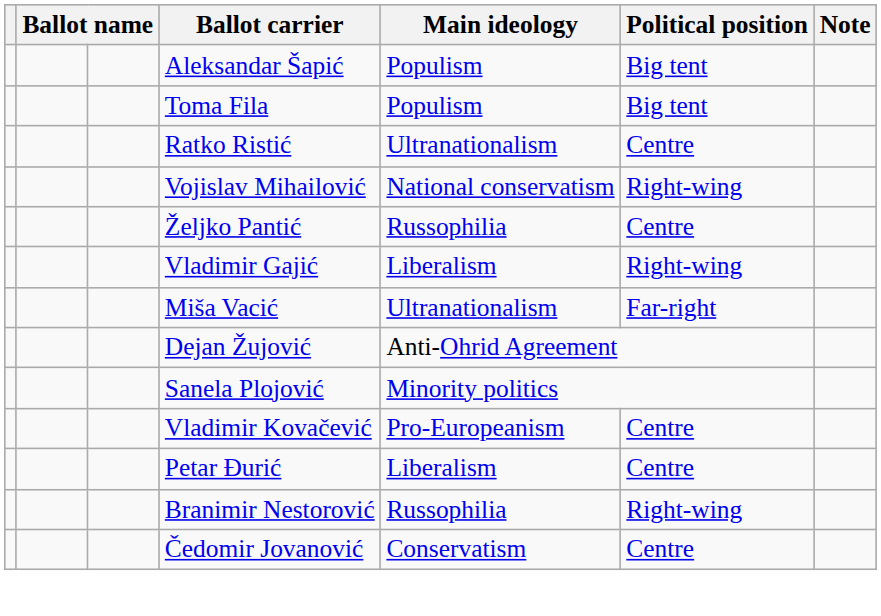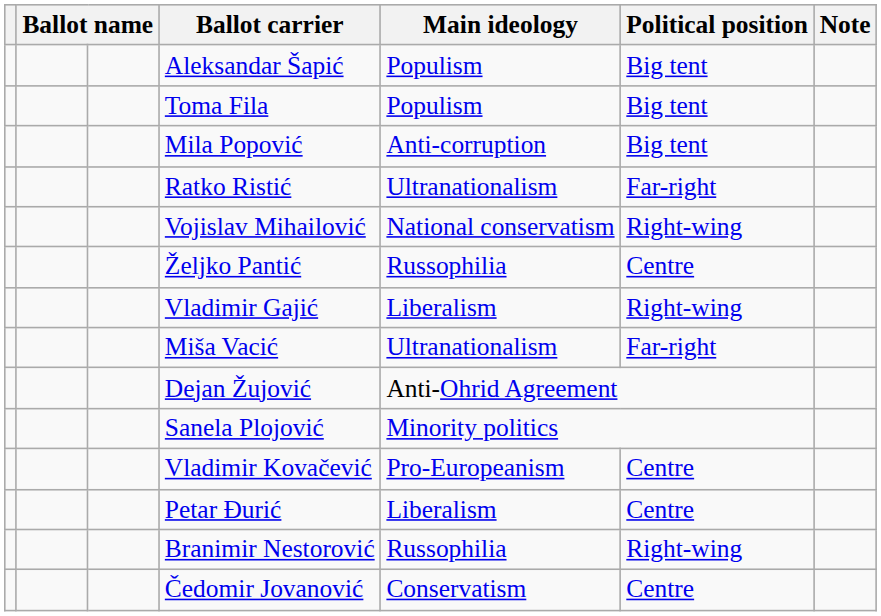 <table class="wikitable">
 <tr>
 <th></th>
 <th colspan="2">Ballot name</th>
 <th>Ballot carrier</th>
 <th>Main ideology</th>
 <th>Political position</th>
 <th>Note</th>
 </tr>
 <tr>
 <td></td>
 <td style="background:"></td>
 <td></td>
 <td><a href='#'>Aleksandar Šapić</a></td>
 <td><a href='#'>Populism</a></td>
 <td><a href='#'>Big tent</a></td>
 <td></td>
 </tr>
 <tr>
 <td></td>
 <td style="background:"></td>
 <td></td>
 <td><a href='#'>Toma Fila</a></td>
 <td><a href='#'>Populism</a></td>
 <td><a href='#'>Big tent</a></td>
 <td></td>
 </tr>
 <tr>
 <td></td>
 <td style="background:"></td>
 <td></td>
+<td><a href='#'>Mila Popović</a></td>
+<td><a href='#'>Anti-corruption</a></td>
+<td><a href='#'>Big tent</a></td>
+<td></td>
+</tr>
+<tr>
+<td></td>
+<td style="background:"></td>
+<td></td>
 <td><a href='#'>Ratko Ristić</a></td>
 <td><a href='#'>Ultranationalism</a></td>
-<td><a href='#'>Centre</a></td>
+<td><a href='#'>Far-right</a></td>
 <td></td>
 </tr>
 <tr>
 <td></td>
 <td style="background:"></td>
 <td></td>
 <td><a href='#'>Vojislav Mihailović</a></td>
 <td><a href='#'>National conservatism</a></td>
 <td><a href='#'>Right-wing</a></td>
 <td></td>
 </tr>
 <tr>
 <td></td>
 <td style="background:"></td>
 <td></td>
 <td><a href='#'>Željko Pantić</a></td>
 <td><a href='#'>Russophilia</a></td>
 <td><a href='#'>Centre</a></td>
 <td></td>
 </tr>
 <tr>
 <td></td>
 <td style="background:"></td>
 <td></td>
 <td><a href='#'>Vladimir Gajić</a></td>
 <td><a href='#'>Liberalism</a></td>
 <td><a href='#'>Right-wing</a></td>
 <td></td>
 </tr>
 <tr>
 <td></td>
 <td style="background:"></td>
 <td></td>
 <td><a href='#'>Miša Vacić</a></td>
 <td><a href='#'>Ultranationalism</a></td>
 <td><a href='#'>Far-right</a></td>
 <td></td>
 </tr>
 <tr>
 <td></td>
 <td style="background:"></td>
 <td></td>
 <td><a href='#'>Dejan Žujović</a></td>
 <td colspan="2">Anti-<a href='#'>Ohrid Agreement</a></td>
 </tr>
 <tr>
 <td></td>
 <td style="background:"></td>
 <td></td>
 <td><a href='#'>Sanela Plojović</a></td>
 <td colspan="2"><a href='#'>Minority politics</a></td>
 <td></td>
 </tr>
 <tr>
 <td></td>
 <td style="background:"></td>
 <td></td>
 <td><a href='#'>Vladimir Kovačević</a></td>
 <td><a href='#'>Pro-Europeanism</a></td>
 <td><a href='#'>Centre</a></td>
 <td></td>
 </tr>
 <tr>
 <td></td>
 <td style="background:"></td>
 <td></td>
 <td><a href='#'>Petar Đurić</a></td>
 <td><a href='#'>Liberalism</a></td>
 <td><a href='#'>Centre</a></td>
 <td></td>
 </tr>
 <tr>
 <td></td>
 <td style="background:"></td>
 <td></td>
 <td><a href='#'>Branimir Nestorović</a></td>
 <td><a href='#'>Russophilia</a></td>
 <td><a href='#'>Right-wing</a></td>
 <td></td>
 </tr>
 <tr>
 <td></td>
 <td style="background:"></td>
 <td></td>
 <td><a href='#'>Čedomir Jovanović</a></td>
 <td><a href='#'>Conservatism</a></td>
 <td><a href='#'>Centre</a></td>
 <td></td>
 </tr>
 </table>
